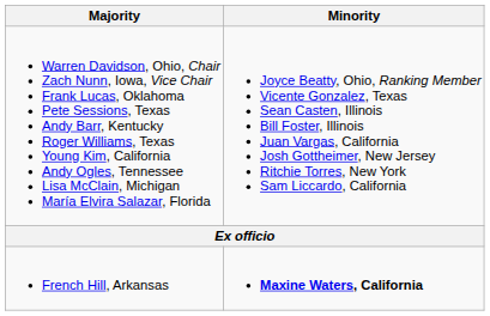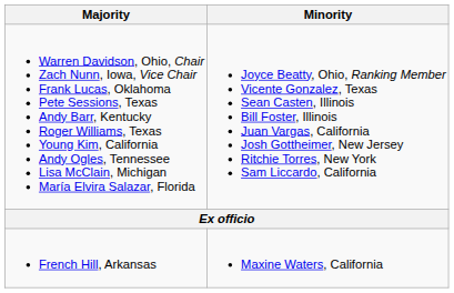 <table class=wikitable>
 <tr>
 <th>Majority</th>
 <th>Minority</th>
 </tr>
 <tr>
 <td><br><ul><li><a href='#'>Warren Davidson</a>, Ohio, <em>Chair</em></li><li><a href='#'>Zach Nunn</a>, Iowa, <em>Vice Chair</em></li><li><a href='#'>Frank Lucas</a>, Oklahoma</li><li><a href='#'>Pete Sessions</a>, Texas</li><li><a href='#'>Andy Barr</a>, Kentucky</li><li><a href='#'>Roger Williams</a>, Texas</li><li><a href='#'>Young Kim</a>, California</li><li><a href='#'>Andy Ogles</a>, Tennessee</li><li><a href='#'>Lisa McClain</a>, Michigan</li><li><a href='#'>María Elvira Salazar</a>, Florida</li></ul></td>
 <td><br><ul><li><a href='#'>Joyce Beatty</a>, Ohio, <em>Ranking Member</em></li><li><a href='#'>Vicente Gonzalez</a>, Texas</li><li><a href='#'>Sean Casten</a>, Illinois</li><li><a href='#'>Bill Foster</a>, Illinois</li><li><a href='#'>Juan Vargas</a>, California</li><li><a href='#'>Josh Gottheimer</a>, New Jersey</li><li><a href='#'>Ritchie Torres</a>, New York</li><li><a href='#'>Sam Liccardo</a>, California</li></ul></td>
 </tr>
 <tr>
 <th colspan=2><em>Ex officio</em></th>
 </tr>
 <tr>
 <td><br><ul><li><a href='#'>French Hill</a>, Arkansas</li></ul></td>
-<td><strong><br><ul><li><a href='#'>Maxine Waters</a>, California</li></ul></strong></td>
+<td><br><ul><li><a href='#'>Maxine Waters</a>, California</li></ul></td>
 </tr>
 </table>
